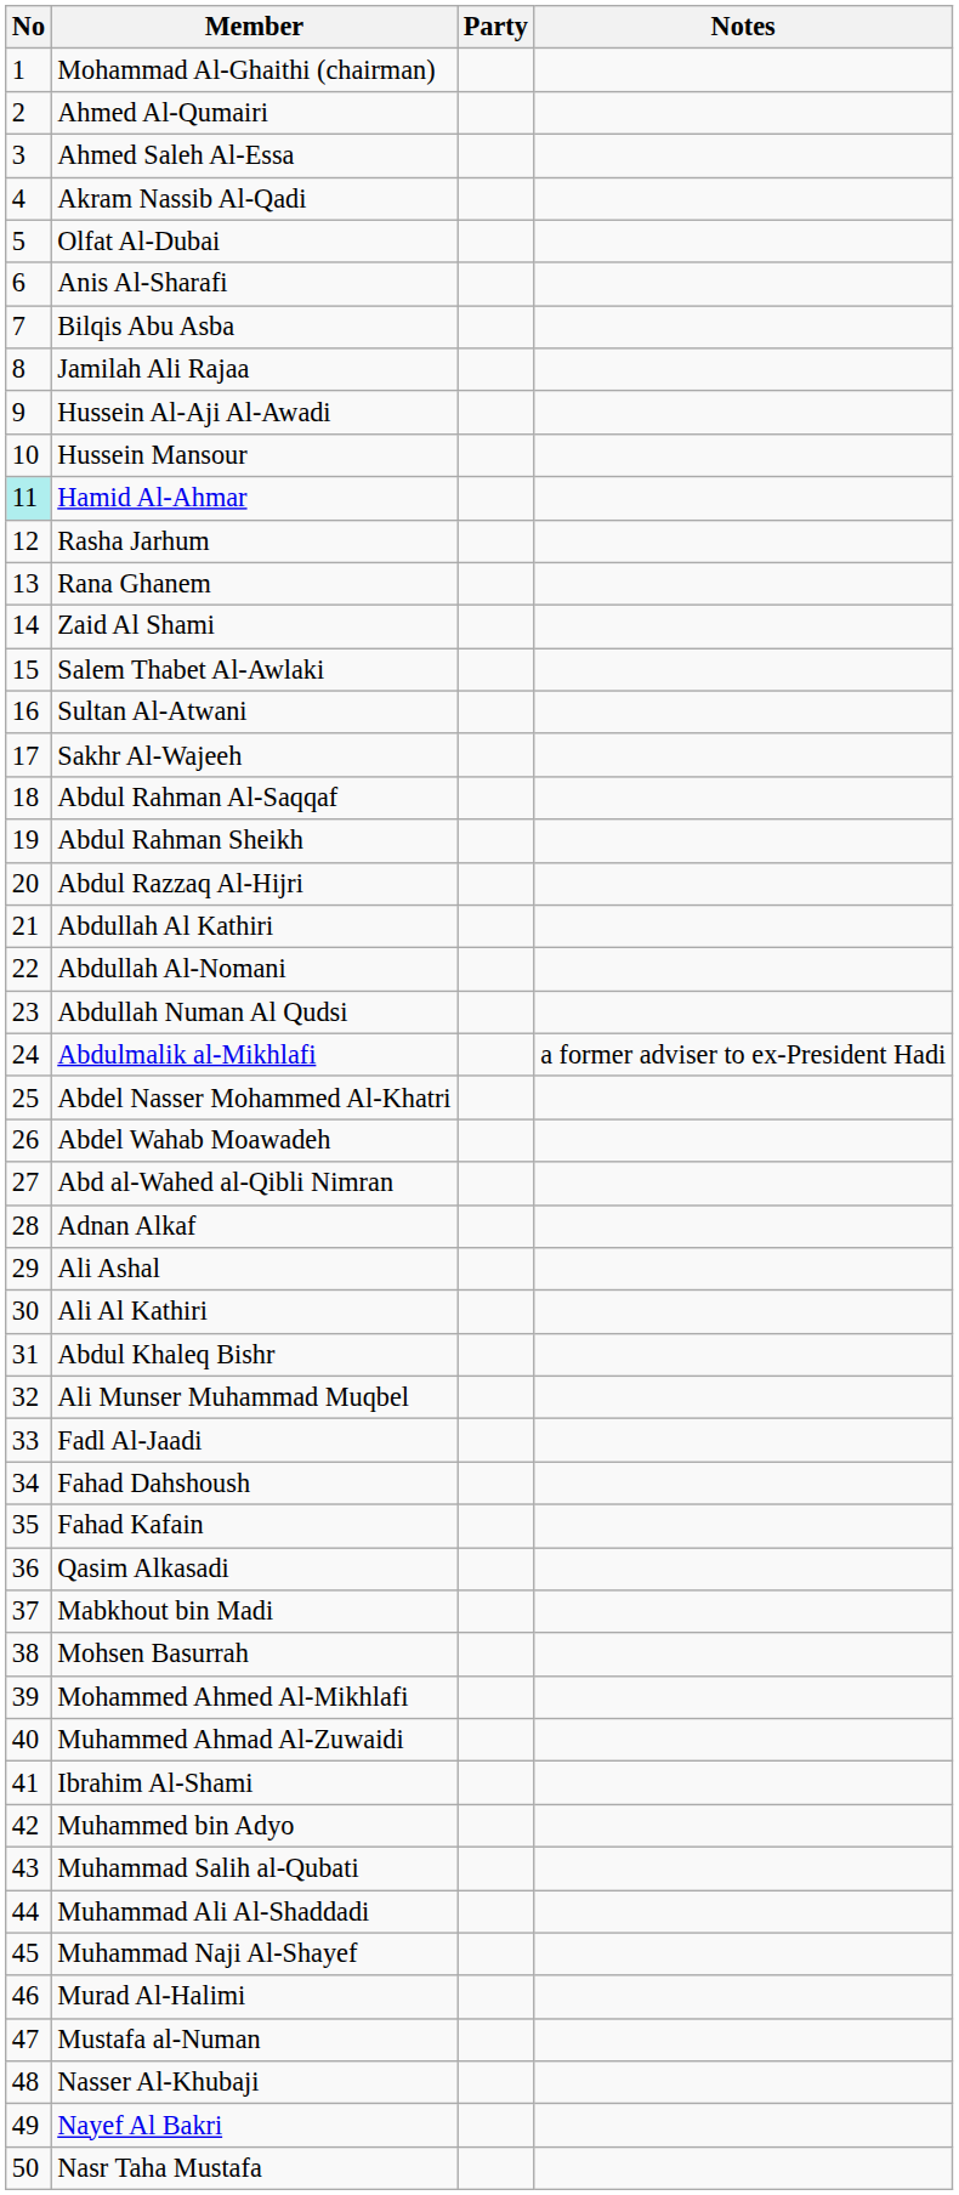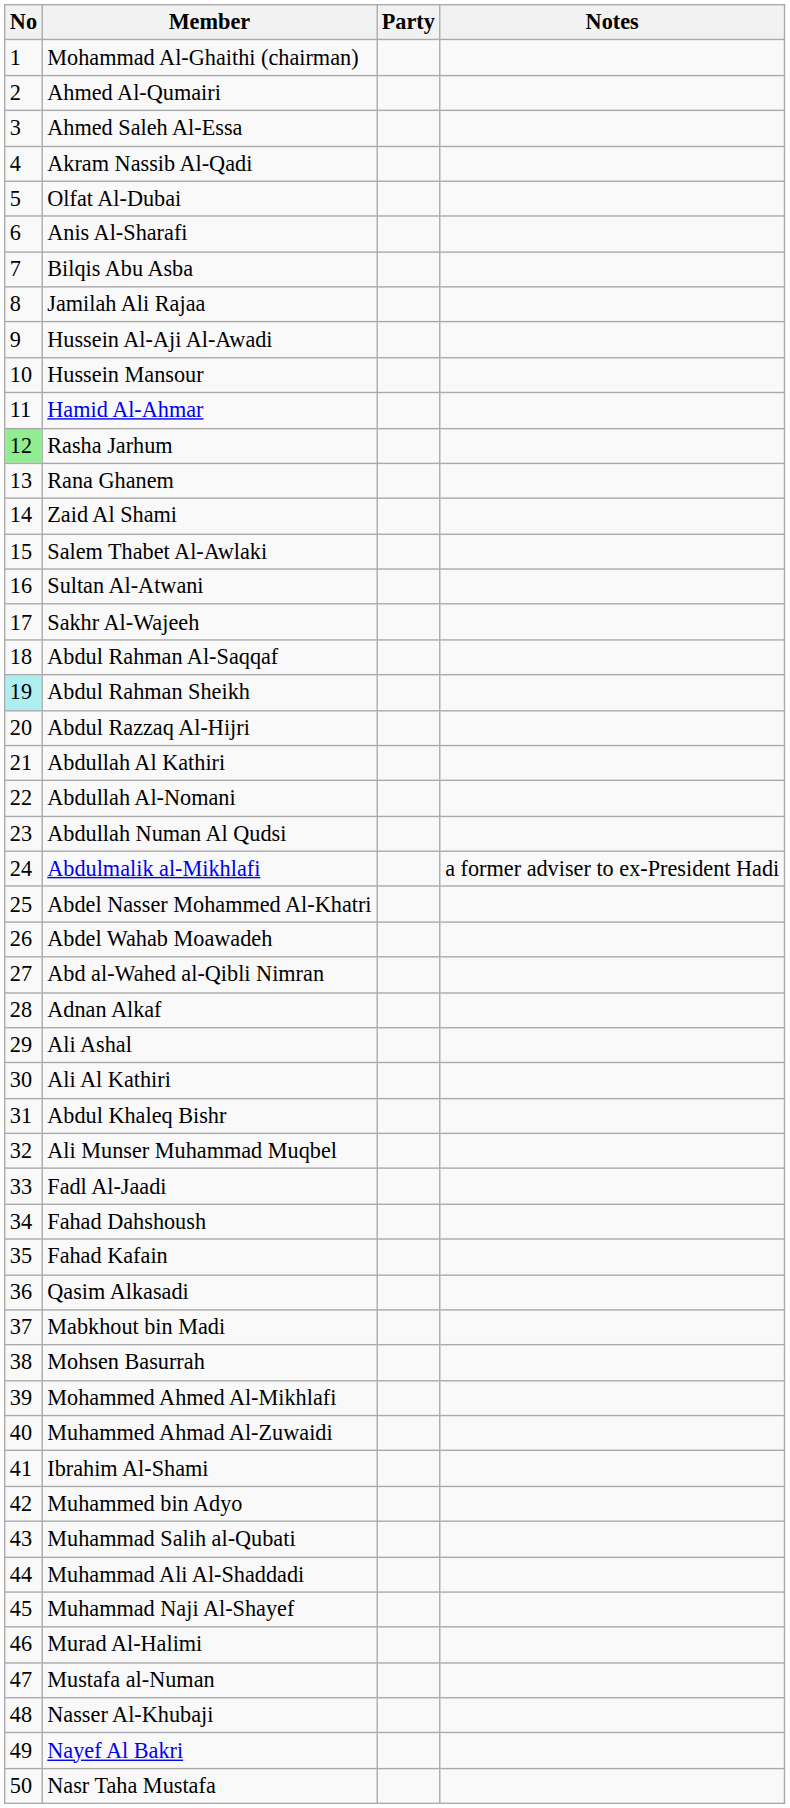 <table class="wikitable">
 <tr>
 <th>No</th>
 <th>Member</th>
 <th>Party</th>
 <th>Notes</th>
 </tr>
 <tr>
 <td>1</td>
 <td>Mohammad Al-Ghaithi (chairman)</td>
 <td></td>
 <td></td>
 </tr>
 <tr>
 <td>2</td>
 <td>Ahmed Al-Qumairi</td>
 <td></td>
 <td></td>
 </tr>
 <tr>
 <td>3</td>
 <td>Ahmed Saleh Al-Essa</td>
 <td></td>
 <td></td>
 </tr>
 <tr>
 <td>4</td>
 <td>Akram Nassib Al-Qadi</td>
 <td></td>
 <td></td>
 </tr>
 <tr>
 <td>5</td>
 <td>Olfat Al-Dubai</td>
 <td></td>
 <td></td>
 </tr>
 <tr>
 <td>6</td>
 <td>Anis Al-Sharafi</td>
 <td></td>
 <td></td>
 </tr>
 <tr>
 <td>7</td>
 <td>Bilqis Abu Asba</td>
 <td></td>
 <td></td>
 </tr>
 <tr>
 <td>8</td>
 <td>Jamilah Ali Rajaa</td>
 <td></td>
 <td></td>
 </tr>
 <tr>
 <td>9</td>
 <td>Hussein Al-Aji Al-Awadi</td>
 <td></td>
 <td></td>
 </tr>
 <tr>
 <td>10</td>
 <td>Hussein Mansour</td>
 <td></td>
 <td></td>
 </tr>
 <tr>
-<td style="background: paleturquoise;">11</td>
+<td>11</td>
 <td><a href='#'>Hamid Al-Ahmar</a></td>
 <td></td>
 <td></td>
 </tr>
 <tr>
-<td>12</td>
+<td style="background: lightgreen;">12</td>
 <td>Rasha Jarhum</td>
 <td></td>
 <td></td>
 </tr>
 <tr>
 <td>13</td>
 <td>Rana Ghanem</td>
 <td></td>
 <td></td>
 </tr>
 <tr>
 <td>14</td>
 <td>Zaid Al Shami</td>
 <td></td>
 <td></td>
 </tr>
 <tr>
 <td>15</td>
 <td>Salem Thabet Al-Awlaki</td>
 <td></td>
 <td></td>
 </tr>
 <tr>
 <td>16</td>
 <td>Sultan Al-Atwani</td>
 <td></td>
 <td></td>
 </tr>
 <tr>
 <td>17</td>
 <td>Sakhr Al-Wajeeh</td>
 <td></td>
 <td></td>
 </tr>
 <tr>
 <td>18</td>
 <td>Abdul Rahman Al-Saqqaf</td>
 <td></td>
 <td></td>
 </tr>
 <tr>
-<td>19</td>
+<td style="background: paleturquoise;">19</td>
 <td>Abdul Rahman Sheikh</td>
 <td></td>
 <td></td>
 </tr>
 <tr>
 <td>20</td>
 <td>Abdul Razzaq Al-Hijri</td>
 <td></td>
 <td></td>
 </tr>
 <tr>
 <td>21</td>
 <td>Abdullah Al Kathiri</td>
 <td></td>
 <td></td>
 </tr>
 <tr>
 <td>22</td>
 <td>Abdullah Al-Nomani</td>
 <td></td>
 <td></td>
 </tr>
 <tr>
 <td>23</td>
 <td>Abdullah Numan Al Qudsi</td>
 <td></td>
 <td></td>
 </tr>
 <tr>
 <td>24</td>
 <td><a href='#'>Abdulmalik al-Mikhlafi</a></td>
 <td></td>
 <td>a former adviser to ex-President Hadi</td>
 </tr>
 <tr>
 <td>25</td>
 <td>Abdel Nasser Mohammed Al-Khatri</td>
 <td></td>
 <td></td>
 </tr>
 <tr>
 <td>26</td>
 <td>Abdel Wahab Moawadeh</td>
 <td></td>
 <td></td>
 </tr>
 <tr>
 <td>27</td>
 <td>Abd al-Wahed al-Qibli Nimran</td>
 <td></td>
 <td></td>
 </tr>
 <tr>
 <td>28</td>
 <td>Adnan Alkaf</td>
 <td></td>
 <td></td>
 </tr>
 <tr>
 <td>29</td>
 <td>Ali Ashal</td>
 <td></td>
 <td></td>
 </tr>
 <tr>
 <td>30</td>
 <td>Ali Al Kathiri</td>
 <td></td>
 <td></td>
 </tr>
 <tr>
 <td>31</td>
 <td>Abdul Khaleq Bishr</td>
 <td></td>
 <td></td>
 </tr>
 <tr>
 <td>32</td>
 <td>Ali Munser Muhammad Muqbel</td>
 <td></td>
 <td></td>
 </tr>
 <tr>
 <td>33</td>
 <td>Fadl Al-Jaadi</td>
 <td></td>
 <td></td>
 </tr>
 <tr>
 <td>34</td>
 <td>Fahad Dahshoush</td>
 <td></td>
 <td></td>
 </tr>
 <tr>
 <td>35</td>
 <td>Fahad Kafain</td>
 <td></td>
 <td></td>
 </tr>
 <tr>
 <td>36</td>
 <td>Qasim Alkasadi</td>
 <td></td>
 <td></td>
 </tr>
 <tr>
 <td>37</td>
 <td>Mabkhout bin Madi</td>
 <td></td>
 <td></td>
 </tr>
 <tr>
 <td>38</td>
 <td>Mohsen Basurrah</td>
 <td></td>
 <td></td>
 </tr>
 <tr>
 <td>39</td>
 <td>Mohammed Ahmed Al-Mikhlafi</td>
 <td></td>
 <td></td>
 </tr>
 <tr>
 <td>40</td>
 <td>Muhammed Ahmad Al-Zuwaidi</td>
 <td></td>
 <td></td>
 </tr>
 <tr>
 <td>41</td>
 <td>Ibrahim Al-Shami</td>
 <td></td>
 <td></td>
 </tr>
 <tr>
 <td>42</td>
 <td>Muhammed bin Adyo</td>
 <td></td>
 <td></td>
 </tr>
 <tr>
 <td>43</td>
 <td>Muhammad Salih al-Qubati</td>
 <td></td>
 <td></td>
 </tr>
 <tr>
 <td>44</td>
 <td>Muhammad Ali Al-Shaddadi</td>
 <td></td>
 <td></td>
 </tr>
 <tr>
 <td>45</td>
 <td>Muhammad Naji Al-Shayef</td>
 <td></td>
 <td></td>
 </tr>
 <tr>
 <td>46</td>
 <td>Murad Al-Halimi</td>
 <td></td>
 <td></td>
 </tr>
 <tr>
 <td>47</td>
 <td>Mustafa al-Numan</td>
 <td></td>
 <td></td>
 </tr>
 <tr>
 <td>48</td>
 <td>Nasser Al-Khubaji</td>
 <td></td>
 <td></td>
 </tr>
 <tr>
 <td>49</td>
 <td><a href='#'>Nayef Al Bakri</a></td>
 <td></td>
 <td></td>
 </tr>
 <tr>
 <td>50</td>
 <td>Nasr Taha Mustafa</td>
 <td></td>
 <td></td>
 </tr>
 </table>
